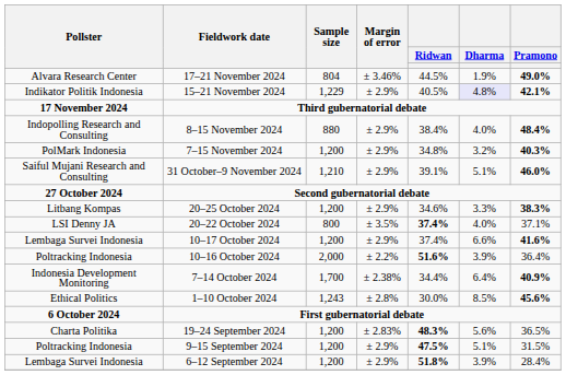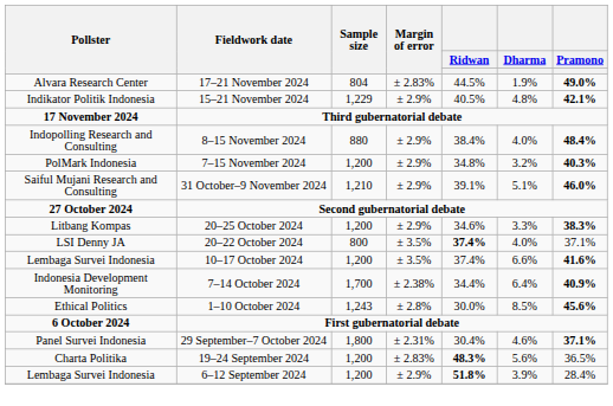 <table class="wikitable" style="text-align:center; font-size:90%; line-height:14px;">
 <tr style="height:55px; background-color:#E9E9E9">
 <th rowspan="3" style="width:200px;">Pollster</th>
 <th rowspan="3" style="width:180px;">Fieldwork date</th>
 <th rowspan="3" style="width:60px;">Sample size</th>
 <th rowspan="3" style="width:60px;">Margin of error</th>
 <th style="width:60px;"></th>
 <th style="width:60px;"></th>
 <th style="width:60px;"></th>
 </tr>
 <tr>
 <th><a href='#'>Ridwan</a><br></th>
 <th><a href='#'>Dharma</a><br></th>
 <th><a href='#'>Pramono</a><br></th>
 </tr>
 <tr>
 <th class="unsortable" style="color:inherit;background:"></th>
 <th class="unsortable" style="color:inherit;background:"></th>
 <th class="unsortable" style="color:inherit;background:"></th>
 </tr>
 <tr>
 <td>Alvara Research Center</td>
 <td>17–21 November 2024</td>
 <td>804</td>
-<td>± 3.46%</td>
+<td>± 2.83%</td>
 <td>44.5% </td>
 <td>1.9% </td>
 <td style="background-color:#"><strong>49.0%</strong></td>
 </tr>
 <tr>
 <td>Indikator Politik Indonesia</td>
 <td>15–21 November 2024</td>
 <td>1,229</td>
 <td>± 2.9%</td>
 <td>40.5% </td>
-<td style="background: lavender;">4.8% </td>
+<td>4.8% </td>
 <td style="background-color:#"><strong>42.1%</strong></td>
 </tr>
 <tr>
 <td><strong>17 November 2024</strong></td>
 <td colspan="6"><strong>Third gubernatorial debate</strong></td>
 </tr>
 <tr>
 <td>Indopolling Research and Consulting</td>
 <td>8–15 November 2024</td>
 <td>880</td>
 <td>± 2.9%</td>
 <td>38.4% </td>
 <td>4.0% </td>
 <td style="background-color:#"><strong>48.4%</strong> </td>
 </tr>
 <tr>
 <td>PolMark Indonesia</td>
 <td>7–15 November 2024</td>
 <td>1,200</td>
 <td>± 2.9%</td>
 <td>34.8% </td>
 <td>3.2% </td>
 <td style="background-color:#"><strong>40.3%</strong> </td>
 </tr>
 <tr>
 <td>Saiful Mujani Research and Consulting</td>
 <td>31 October–9 November 2024</td>
 <td>1,210</td>
 <td>± 2.9%</td>
 <td>39.1% </td>
 <td>5.1% </td>
 <td style="background-color:#"><strong>46.0%</strong> </td>
 </tr>
 <tr>
 <td><strong>27 October 2024</strong></td>
 <td colspan="6"><strong>Second gubernatorial debate</strong></td>
 </tr>
 <tr>
 <td>Litbang Kompas</td>
 <td>20–25 October 2024</td>
 <td>1,200</td>
 <td>± 2.9%</td>
 <td>34.6% </td>
 <td>3.3% </td>
 <td style="background-color:#"><strong>38.3%</strong> </td>
 </tr>
 <tr>
 <td>LSI Denny JA</td>
 <td>20–22 October 2024</td>
 <td>800</td>
 <td>± 3.5%</td>
 <td style="background-color:#"><strong>37.4%</strong> </td>
 <td>4.0% </td>
 <td>37.1% </td>
 </tr>
 <tr>
 <td>Lembaga Survei Indonesia</td>
 <td>10–17 October 2024</td>
 <td>1,200</td>
-<td>± 2.9%</td>
+<td>± 3.5%</td>
 <td>37.4% </td>
 <td>6.6% </td>
 <td style="background-color:#"><strong>41.6%</strong> </td>
-</tr>
-<tr>
-<td>Poltracking Indonesia</td>
-<td>10–16 October 2024</td>
-<td>2,000</td>
-<td>± 2.2%</td>
-<td style="background-color:#"><strong>51.6%</strong> </td>
-<td>3.9% </td>
-<td>36.4% </td>
 </tr>
 <tr>
 <td>Indonesia Development Monitoring</td>
 <td>7–14 October 2024</td>
 <td>1,700</td>
 <td>± 2.38%</td>
 <td>34.4% </td>
 <td>6.4% </td>
 <td style="background-color:#"><strong>40.9%</strong> </td>
 </tr>
 <tr>
 <td>Ethical Politics</td>
 <td>1–10 October 2024</td>
 <td>1,243</td>
 <td>± 2.8%</td>
 <td>30.0% </td>
 <td>8.5% </td>
 <td style="background-color:#"><strong>45.6%</strong> </td>
 </tr>
 <tr>
 <td><strong>6 October 2024</strong></td>
 <td colspan="6"><strong>First gubernatorial debate</strong></td>
 </tr>
 <tr>
+<td>Panel Survei Indonesia</td>
+<td>29 September–7 October 2024</td>
+<td>1,800</td>
+<td>± 2.31%</td>
+<td>30.4% </td>
+<td>4.6% </td>
+<td style="background-color:#"><strong>37.1%</strong> </td>
+</tr>
+<tr>
 <td>Charta Politika</td>
 <td>19–24 September 2024</td>
 <td>1,200</td>
 <td>± 2.83%</td>
 <td style="background-color:#"><strong>48.3%</strong> </td>
 <td>5.6% </td>
 <td>36.5% </td>
-</tr>
-<tr>
-<td>Poltracking Indonesia</td>
-<td>9–15 September 2024</td>
-<td>1,200</td>
-<td>± 2.9%</td>
-<td style="background-color:#"><strong>47.5%</strong> </td>
-<td>5.1% </td>
-<td>31.5% </td>
 </tr>
 <tr>
 <td>Lembaga Survei Indonesia</td>
 <td>6–12 September 2024</td>
 <td>1,200</td>
 <td>± 2.9%</td>
 <td style="background-color:#"><strong>51.8%</strong> </td>
 <td>3.9% </td>
 <td>28.4% </td>
 </tr>
 <tr>
 </tr>
 </table>
